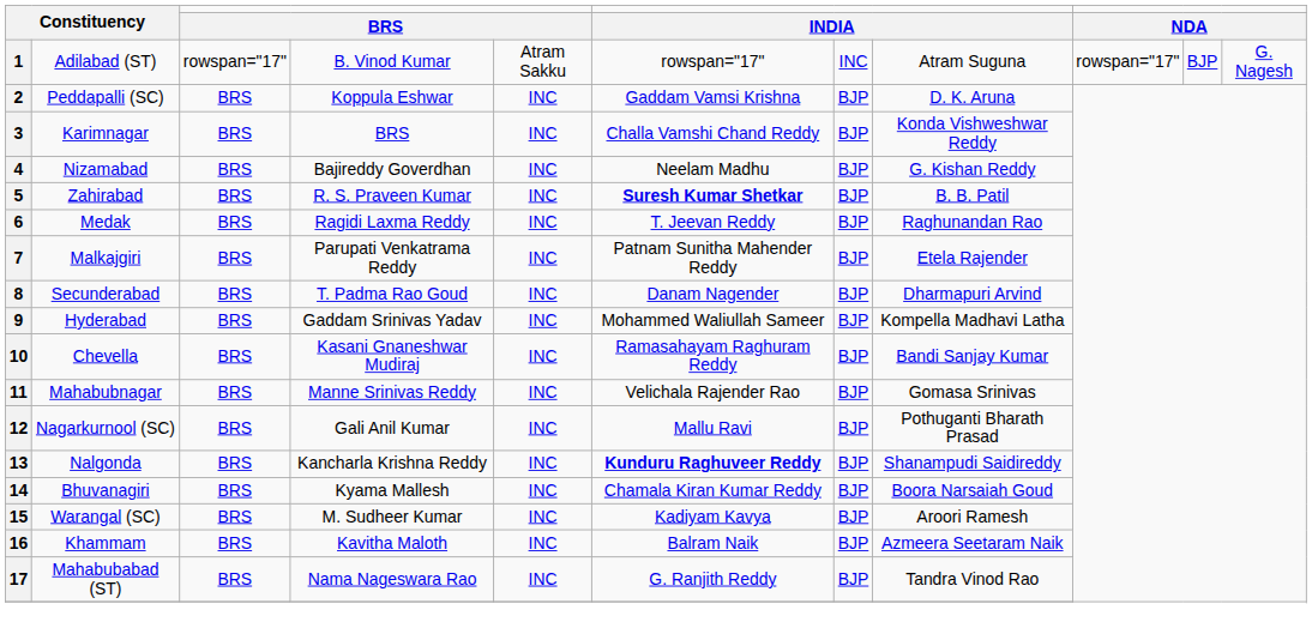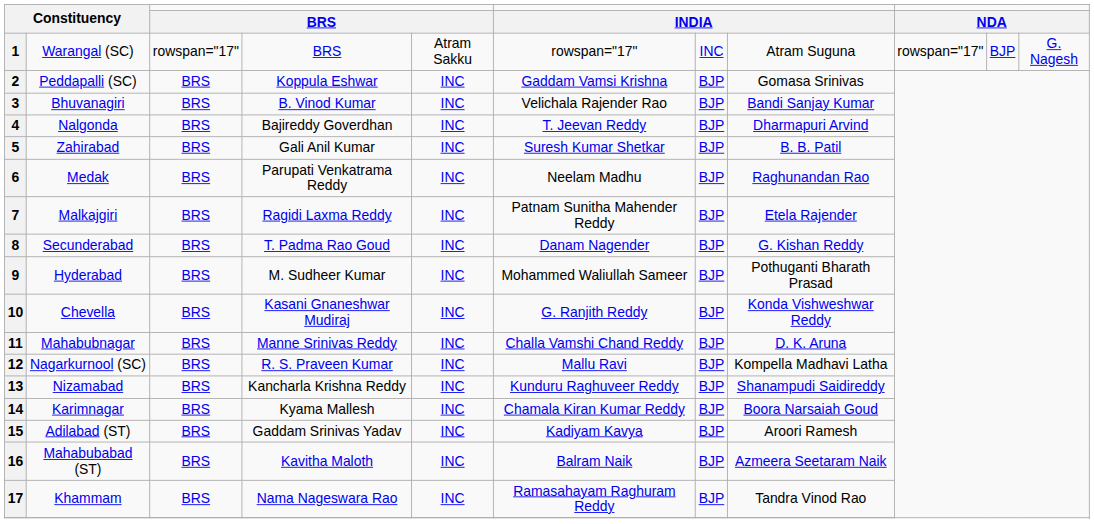 <table class="wikitable sortable" style="text-align:center;">
 <tr>
 <th colspan="2" rowspan="2">Constituency</th>
 <td colspan="3"></td>
 <td colspan="3"></td>
 <td colspan="3"></td>
 </tr>
 <tr>
 <th colspan="3" class="wikitable"><a href='#'>BRS</a></th>
 <th colspan="3" class="wikitable"><a href='#'>INDIA</a></th>
 <th colspan="3" class="wikitable"><a href='#'>NDA</a></th>
 </tr>
 <tr>
 <th>1</th>
-<td><a href='#'>Adilabad</a> (ST)</td>
+<td><a href='#'>Warangal</a> (SC)</td>
 <td>rowspan="17" </td>
-<td><a href='#'>B. Vinod Kumar</a></td>
+<td><a href='#'>BRS</a></td>
 <td>Atram Sakku</td>
 <td>rowspan="17" </td>
 <td><a href='#'>INC</a></td>
 <td>Atram Suguna</td>
 <td>rowspan="17" </td>
 <td><a href='#'>BJP</a></td>
 <td><a href='#'>G. Nagesh</a></td>
 </tr>
 <tr>
 <th>2</th>
 <td><a href='#'>Peddapalli</a> (SC)</td>
 <td><a href='#'>BRS</a></td>
 <td><a href='#'>Koppula Eshwar</a></td>
 <td><a href='#'>INC</a></td>
 <td><a href='#'>Gaddam Vamsi Krishna</a></td>
 <td><a href='#'>BJP</a></td>
-<td><a href='#'>D. K. Aruna</a></td>
+<td>Gomasa Srinivas</td>
 </tr>
 <tr>
 <th>3</th>
-<td><a href='#'>Karimnagar</a></td>
+<td><a href='#'>Bhuvanagiri</a></td>
 <td><a href='#'>BRS</a></td>
-<td><a href='#'>BRS</a></td>
+<td><a href='#'>B. Vinod Kumar</a></td>
 <td><a href='#'>INC</a></td>
-<td><a href='#'>Challa Vamshi Chand Reddy</a></td>
+<td>Velichala Rajender Rao</td>
 <td><a href='#'>BJP</a></td>
-<td><a href='#'>Konda Vishweshwar Reddy</a></td>
+<td><a href='#'>Bandi Sanjay Kumar</a></td>
 </tr>
 <tr>
 <th>4</th>
-<td><a href='#'>Nizamabad</a></td>
+<td><a href='#'>Nalgonda</a></td>
 <td><a href='#'>BRS</a></td>
 <td>Bajireddy Goverdhan</td>
 <td><a href='#'>INC</a></td>
-<td>Neelam Madhu</td>
+<td><a href='#'>T. Jeevan Reddy</a></td>
 <td><a href='#'>BJP</a></td>
-<td><a href='#'>G. Kishan Reddy</a></td>
+<td><a href='#'>Dharmapuri Arvind</a></td>
 </tr>
 <tr>
 <th>5</th>
 <td><a href='#'>Zahirabad</a></td>
 <td><a href='#'>BRS</a></td>
-<td><a href='#'>R. S. Praveen Kumar</a></td>
+<td>Gali Anil Kumar</td>
 <td><a href='#'>INC</a></td>
-<td><strong><a href='#'>Suresh Kumar Shetkar</a></strong></td>
+<td><a href='#'>Suresh Kumar Shetkar</a></td>
 <td><a href='#'>BJP</a></td>
 <td><a href='#'>B. B. Patil</a></td>
 </tr>
 <tr>
 <th>6</th>
 <td><a href='#'>Medak</a></td>
 <td><a href='#'>BRS</a></td>
-<td><a href='#'>Ragidi Laxma Reddy</a></td>
+<td>Parupati Venkatrama Reddy</td>
 <td><a href='#'>INC</a></td>
-<td><a href='#'>T. Jeevan Reddy</a></td>
+<td>Neelam Madhu</td>
 <td><a href='#'>BJP</a></td>
 <td><a href='#'>Raghunandan Rao</a></td>
 </tr>
 <tr>
 <th>7</th>
 <td><a href='#'>Malkajgiri</a></td>
 <td><a href='#'>BRS</a></td>
-<td>Parupati Venkatrama Reddy</td>
+<td><a href='#'>Ragidi Laxma Reddy</a></td>
 <td><a href='#'>INC</a></td>
 <td>Patnam Sunitha Mahender Reddy</td>
 <td><a href='#'>BJP</a></td>
 <td><a href='#'>Etela Rajender</a></td>
 </tr>
 <tr>
 <th>8</th>
 <td><a href='#'>Secunderabad</a></td>
 <td><a href='#'>BRS</a></td>
 <td><a href='#'>T. Padma Rao Goud</a></td>
 <td><a href='#'>INC</a></td>
 <td><a href='#'>Danam Nagender</a></td>
 <td><a href='#'>BJP</a></td>
-<td><a href='#'>Dharmapuri Arvind</a></td>
+<td><a href='#'>G. Kishan Reddy</a></td>
 </tr>
 <tr>
 <th>9</th>
 <td><a href='#'>Hyderabad</a></td>
 <td><a href='#'>BRS</a></td>
-<td>Gaddam Srinivas Yadav</td>
+<td>M. Sudheer Kumar</td>
 <td><a href='#'>INC</a></td>
 <td>Mohammed Waliullah Sameer</td>
 <td><a href='#'>BJP</a></td>
-<td>Kompella Madhavi Latha</td>
+<td>Pothuganti Bharath Prasad</td>
 </tr>
 <tr>
 <th>10</th>
 <td><a href='#'>Chevella</a></td>
 <td><a href='#'>BRS</a></td>
 <td><a href='#'>Kasani Gnaneshwar Mudiraj</a></td>
 <td><a href='#'>INC</a></td>
-<td><a href='#'>Ramasahayam Raghuram Reddy</a></td>
+<td><a href='#'>G. Ranjith Reddy</a></td>
 <td><a href='#'>BJP</a></td>
-<td><a href='#'>Bandi Sanjay Kumar</a></td>
+<td><a href='#'>Konda Vishweshwar Reddy</a></td>
 </tr>
 <tr>
 <th>11</th>
 <td><a href='#'>Mahabubnagar</a></td>
 <td><a href='#'>BRS</a></td>
 <td><a href='#'>Manne Srinivas Reddy</a></td>
 <td><a href='#'>INC</a></td>
-<td>Velichala Rajender Rao</td>
+<td><a href='#'>Challa Vamshi Chand Reddy</a></td>
 <td><a href='#'>BJP</a></td>
-<td>Gomasa Srinivas</td>
+<td><a href='#'>D. K. Aruna</a></td>
 </tr>
 <tr>
 <th>12</th>
 <td><a href='#'>Nagarkurnool</a> (SC)</td>
 <td><a href='#'>BRS</a></td>
-<td>Gali Anil Kumar</td>
+<td><a href='#'>R. S. Praveen Kumar</a></td>
 <td><a href='#'>INC</a></td>
 <td><a href='#'>Mallu Ravi</a></td>
 <td><a href='#'>BJP</a></td>
-<td>Pothuganti Bharath Prasad</td>
+<td>Kompella Madhavi Latha</td>
 </tr>
 <tr>
 <th>13</th>
-<td><a href='#'>Nalgonda</a></td>
+<td><a href='#'>Nizamabad</a></td>
 <td><a href='#'>BRS</a></td>
 <td>Kancharla Krishna Reddy</td>
 <td><a href='#'>INC</a></td>
-<td><strong><a href='#'>Kunduru Raghuveer Reddy</a></strong></td>
+<td><a href='#'>Kunduru Raghuveer Reddy</a></td>
 <td><a href='#'>BJP</a></td>
 <td><a href='#'>Shanampudi Saidireddy</a></td>
 </tr>
 <tr>
 <th>14</th>
-<td><a href='#'>Bhuvanagiri</a></td>
+<td><a href='#'>Karimnagar</a></td>
 <td><a href='#'>BRS</a></td>
 <td>Kyama Mallesh</td>
 <td><a href='#'>INC</a></td>
 <td><a href='#'>Chamala Kiran Kumar Reddy</a></td>
 <td><a href='#'>BJP</a></td>
 <td><a href='#'>Boora Narsaiah Goud</a></td>
 </tr>
 <tr>
 <th>15</th>
-<td><a href='#'>Warangal</a> (SC)</td>
+<td><a href='#'>Adilabad</a> (ST)</td>
 <td><a href='#'>BRS</a></td>
-<td>M. Sudheer Kumar</td>
+<td>Gaddam Srinivas Yadav</td>
 <td><a href='#'>INC</a></td>
 <td><a href='#'>Kadiyam Kavya</a></td>
 <td><a href='#'>BJP</a></td>
 <td>Aroori Ramesh</td>
 </tr>
 <tr>
 <th>16</th>
-<td><a href='#'>Khammam</a></td>
+<td><a href='#'>Mahabubabad</a> (ST)</td>
 <td><a href='#'>BRS</a></td>
 <td><a href='#'>Kavitha Maloth</a></td>
 <td><a href='#'>INC</a></td>
 <td><a href='#'>Balram Naik</a></td>
 <td><a href='#'>BJP</a></td>
 <td><a href='#'>Azmeera Seetaram Naik</a></td>
 </tr>
 <tr>
 <th>17</th>
-<td><a href='#'>Mahabubabad</a> (ST)</td>
+<td><a href='#'>Khammam</a></td>
 <td><a href='#'>BRS</a></td>
 <td><a href='#'>Nama Nageswara Rao</a></td>
 <td><a href='#'>INC</a></td>
-<td><a href='#'>G. Ranjith Reddy</a></td>
+<td><a href='#'>Ramasahayam Raghuram Reddy</a></td>
 <td><a href='#'>BJP</a></td>
 <td>Tandra Vinod Rao</td>
 </tr>
 <tr>
 </tr>
 </table>
